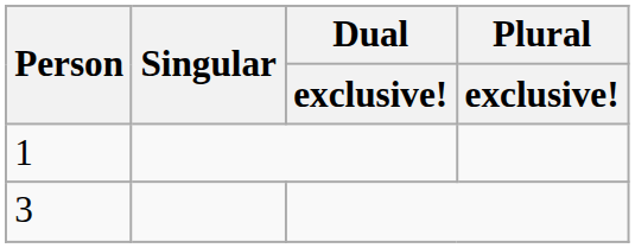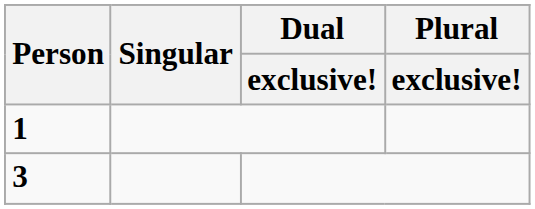 <table class="wikitable">
 <tr>
 <th rowspan="2">Person</th>
 <th rowspan="2">Singular</th>
 <th>Dual</th>
 <th>Plural</th>
 </tr>
 <tr>
 <th>exclusive!</th>
 <th>exclusive!</th>
 </tr>
 <tr>
-<td>1</td>
+<td><strong>1</strong></td>
 <td colspan="2"></td>
 <td></td>
 </tr>
 <tr>
-<td>3</td>
+<td><strong>3</strong></td>
 <td></td>
 <td colspan="2"></td>
 </tr>
 </table>
